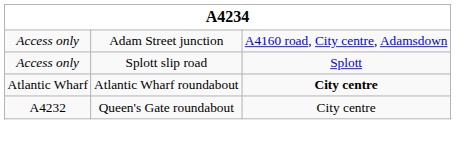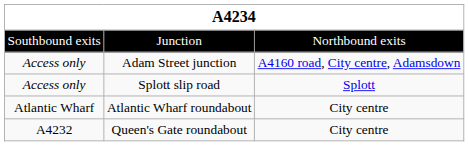 <table border=1 cellpadding=2 style="margin-centre:1em; margin-bottom: 1em; color: black; border-collapse: collapse; font-size: 95%;" class="wikitable">
 <tr align="center" bgcolor="white" style="color: black;font-size:120%;">
 <td colspan="3"><strong>A4234</strong></td>
+</tr>
+<tr align="center" bgcolor="000000" style="color: white">
+<td>Southbound exits</td>
+<td>Junction</td>
+<td>Northbound exits</td>
 </tr>
 <tr align='center'>
 <td><em>Access only</em></td>
 <td>Adam Street junction<br></td>
 <td><a href='#'>A4160 road</a>, <a href='#'>City centre</a>, <a href='#'>Adamsdown</a></td>
 </tr>
 <tr align='center'>
 <td><em>Access only</em></td>
 <td>Splott slip road</td>
 <td><a href='#'>Splott</a></td>
 </tr>
 <tr align='center'>
 <td>Atlantic Wharf</td>
 <td>Atlantic Wharf roundabout<br></td>
-<td><strong>City centre</strong></td>
+<td>City centre</td>
 </tr>
 <tr align='center'>
 <td>A4232</td>
 <td>Queen's Gate roundabout<br></td>
 <td>City centre</td>
 </tr>
 </table>
